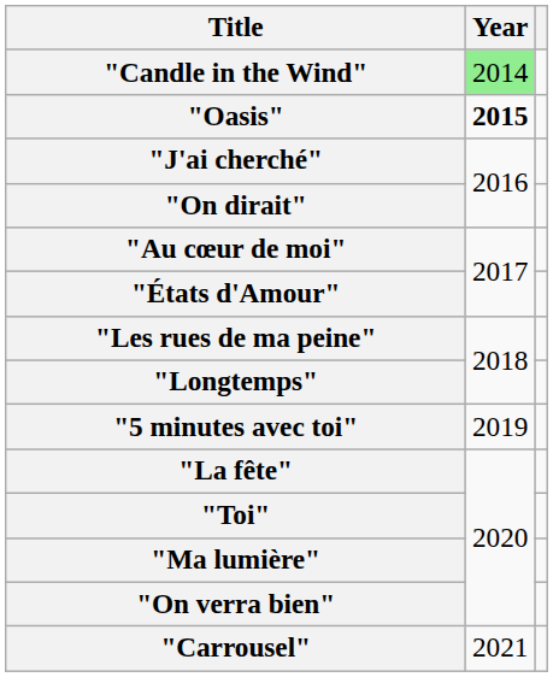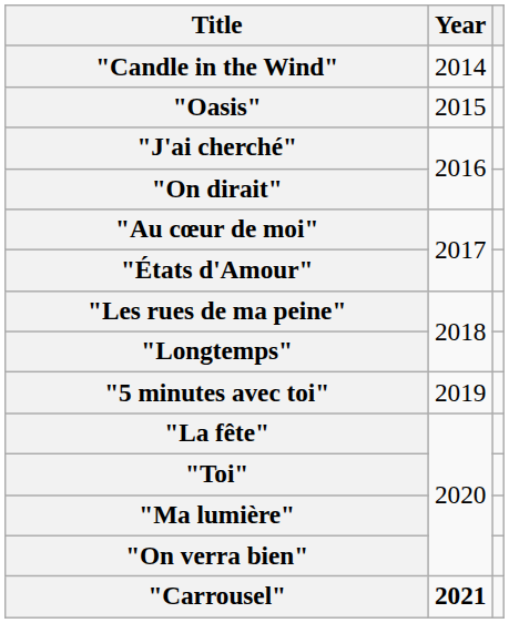 <table class="wikitable plainrowheaders" style="text-align:center;">
 <tr>
 <th scope="col" style="width:16em;">Title</th>
 <th scope="col" style="width:1em;">Year</th>
 <th scope="col"></th>
 </tr>
 <tr>
 <th scope="row">"Candle in the Wind"</th>
-<td style="background: lightgreen;">2014</td>
+<td>2014</td>
 <td></td>
 </tr>
 <tr>
 <th scope="row">"Oasis"</th>
-<td><strong>2015</strong></td>
+<td>2015</td>
 <td></td>
 </tr>
 <tr>
 <th scope="row">"J'ai cherché"</th>
 <td rowspan="2">2016</td>
 <td></td>
 </tr>
 <tr>
 <th scope="row">"On dirait"</th>
 <td></td>
 </tr>
 <tr>
 <th scope="row">"Au cœur de moi"</th>
 <td rowspan="2">2017</td>
 <td></td>
 </tr>
 <tr>
 <th scope="row">"États d'Amour"</th>
 <td></td>
 </tr>
 <tr>
 <th scope="row">"Les rues de ma peine"</th>
 <td rowspan="2">2018</td>
 <td></td>
 </tr>
 <tr>
 <th scope="row">"Longtemps"</th>
 <td></td>
 </tr>
 <tr>
 <th scope="row">"5 minutes avec toi"</th>
 <td>2019</td>
 <td></td>
 </tr>
 <tr>
 <th scope="row">"La fête"</th>
 <td rowspan="4">2020</td>
 <td></td>
 </tr>
 <tr>
 <th scope="row">"Toi"</th>
 <td></td>
 </tr>
 <tr>
 <th scope="row">"Ma lumière"</th>
 <td></td>
 </tr>
 <tr>
 <th scope="row">"On verra bien"</th>
 <td></td>
 </tr>
 <tr>
 <th scope="row">"Carrousel"</th>
-<td>2021</td>
+<td><strong>2021</strong></td>
 <td></td>
 </tr>
 </table>
